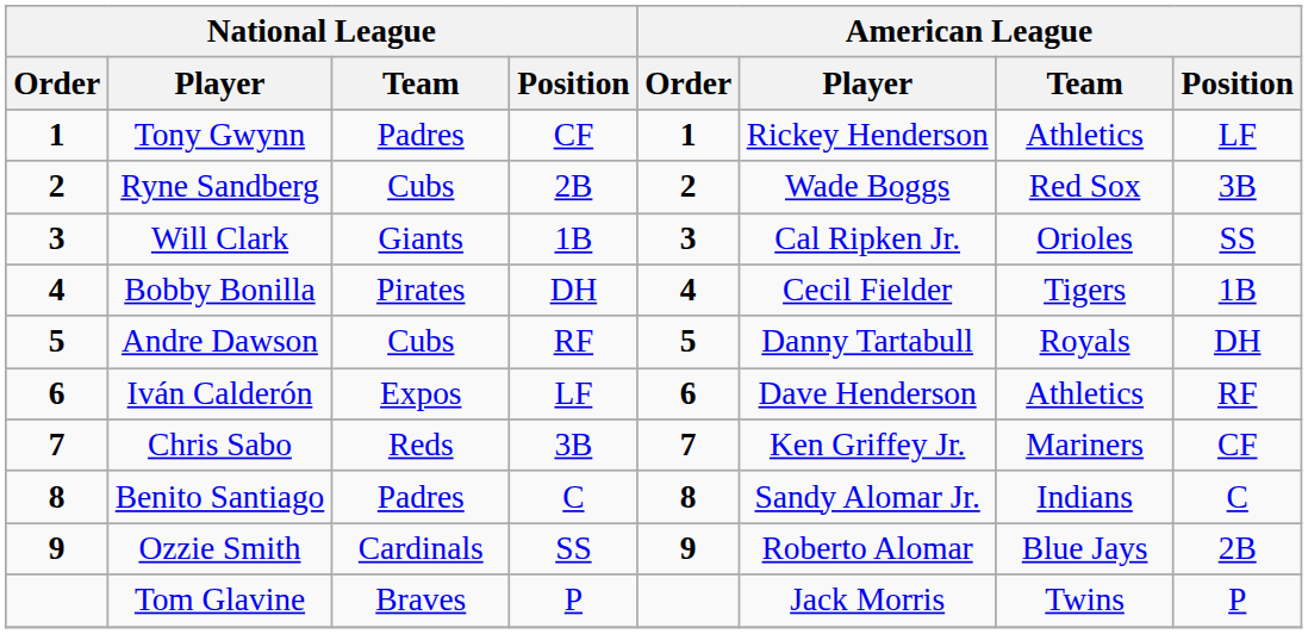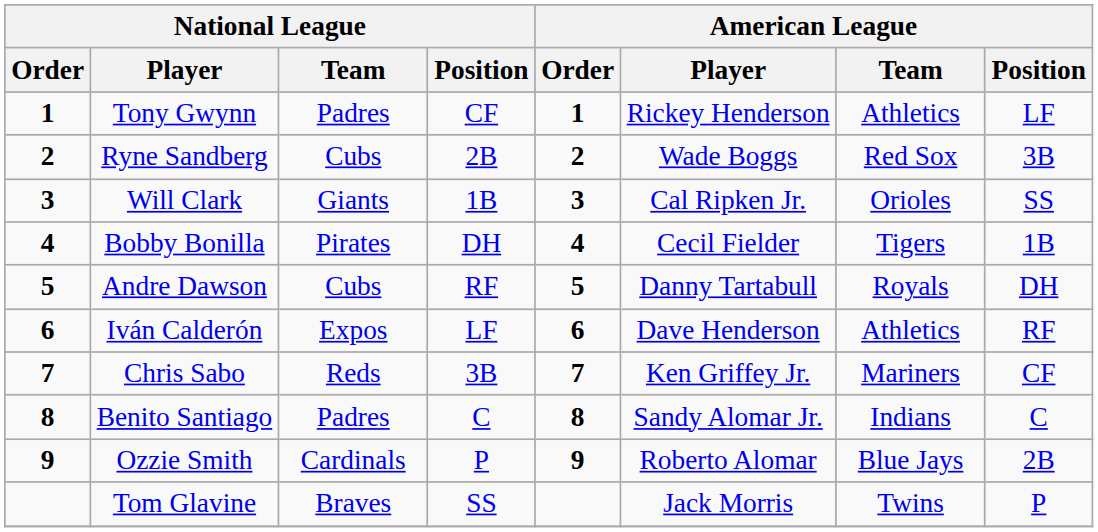 <table class="wikitable" style="font-size: 100%; text-align:center;">
 <tr>
 <th colspan="4">National League</th>
 <th colspan="4">American League</th>
 </tr>
 <tr>
 <th>Order</th>
 <th>Player</th>
 <th width="80">Team</th>
 <th>Position</th>
 <th>Order</th>
 <th>Player</th>
 <th width="80">Team</th>
 <th>Position</th>
 </tr>
 <tr>
 <td><strong>1</strong></td>
 <td><a href='#'>Tony Gwynn</a></td>
 <td><a href='#'>Padres</a></td>
 <td><a href='#'>CF</a></td>
 <td><strong>1</strong></td>
 <td><a href='#'>Rickey Henderson</a></td>
 <td><a href='#'>Athletics</a></td>
 <td><a href='#'>LF</a></td>
 </tr>
 <tr>
 <td><strong>2</strong></td>
 <td><a href='#'>Ryne Sandberg</a></td>
 <td><a href='#'>Cubs</a></td>
 <td><a href='#'>2B</a></td>
 <td><strong>2</strong></td>
 <td><a href='#'>Wade Boggs</a></td>
 <td><a href='#'>Red Sox</a></td>
 <td><a href='#'>3B</a></td>
 </tr>
 <tr>
 <td><strong>3</strong></td>
 <td><a href='#'>Will Clark</a></td>
 <td><a href='#'>Giants</a></td>
 <td><a href='#'>1B</a></td>
 <td><strong>3</strong></td>
 <td><a href='#'>Cal Ripken Jr.</a></td>
 <td><a href='#'>Orioles</a></td>
 <td><a href='#'>SS</a></td>
 </tr>
 <tr>
 <td><strong>4</strong></td>
 <td><a href='#'>Bobby Bonilla</a></td>
 <td><a href='#'>Pirates</a></td>
 <td><a href='#'>DH</a></td>
 <td><strong>4</strong></td>
 <td><a href='#'>Cecil Fielder</a></td>
 <td><a href='#'>Tigers</a></td>
 <td><a href='#'>1B</a></td>
 </tr>
 <tr>
 <td><strong>5</strong></td>
 <td><a href='#'>Andre Dawson</a></td>
 <td><a href='#'>Cubs</a></td>
 <td><a href='#'>RF</a></td>
 <td><strong>5</strong></td>
 <td><a href='#'>Danny Tartabull</a></td>
 <td><a href='#'>Royals</a></td>
 <td><a href='#'>DH</a></td>
 </tr>
 <tr>
 <td><strong>6</strong></td>
 <td><a href='#'>Iván Calderón</a></td>
 <td><a href='#'>Expos</a></td>
 <td><a href='#'>LF</a></td>
 <td><strong>6</strong></td>
 <td><a href='#'>Dave Henderson</a></td>
 <td><a href='#'>Athletics</a></td>
 <td><a href='#'>RF</a></td>
 </tr>
 <tr>
 <td><strong>7</strong></td>
 <td><a href='#'>Chris Sabo</a></td>
 <td><a href='#'>Reds</a></td>
 <td><a href='#'>3B</a></td>
 <td><strong>7</strong></td>
 <td><a href='#'>Ken Griffey Jr.</a></td>
 <td><a href='#'>Mariners</a></td>
 <td><a href='#'>CF</a></td>
 </tr>
 <tr>
 <td><strong>8</strong></td>
 <td><a href='#'>Benito Santiago</a></td>
 <td><a href='#'>Padres</a></td>
 <td><a href='#'>C</a></td>
 <td><strong>8</strong></td>
 <td><a href='#'>Sandy Alomar Jr.</a></td>
 <td><a href='#'>Indians</a></td>
 <td><a href='#'>C</a></td>
 </tr>
 <tr>
 <td><strong>9</strong></td>
 <td><a href='#'>Ozzie Smith</a></td>
 <td><a href='#'>Cardinals</a></td>
-<td><a href='#'>SS</a></td>
+<td><a href='#'>P</a></td>
 <td><strong>9</strong></td>
 <td><a href='#'>Roberto Alomar</a></td>
 <td><a href='#'>Blue Jays</a></td>
 <td><a href='#'>2B</a></td>
 </tr>
 <tr>
 <td></td>
 <td><a href='#'>Tom Glavine</a></td>
 <td><a href='#'>Braves</a></td>
-<td><a href='#'>P</a></td>
+<td><a href='#'>SS</a></td>
 <td></td>
 <td><a href='#'>Jack Morris</a></td>
 <td><a href='#'>Twins</a></td>
 <td><a href='#'>P</a></td>
 </tr>
 <tr>
 </tr>
 </table>
